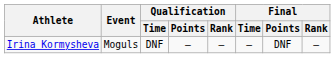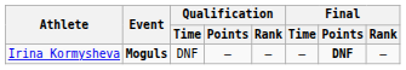 <table class="wikitable" style="font-size:90%">
 <tr>
 <th rowspan="2">Athlete</th>
 <th rowspan="2">Event</th>
 <th colspan="3">Qualification</th>
 <th colspan="3">Final</th>
 </tr>
 <tr>
 <th>Time</th>
 <th>Points</th>
 <th>Rank</th>
 <th>Time</th>
 <th>Points</th>
 <th>Rank</th>
 </tr>
 <tr>
 <td><a href='#'>Irina Kormysheva</a></td>
-<td>Moguls</td>
+<td><strong>Moguls</strong></td>
 <td align="center">DNF</td>
 <td align="center">–</td>
 <td align="center">–</td>
 <td align="center">–</td>
-<td align="center">DNF</td>
+<td align="center"><strong>DNF</strong></td>
 <td align="center">–</td>
 </tr>
 </table>
